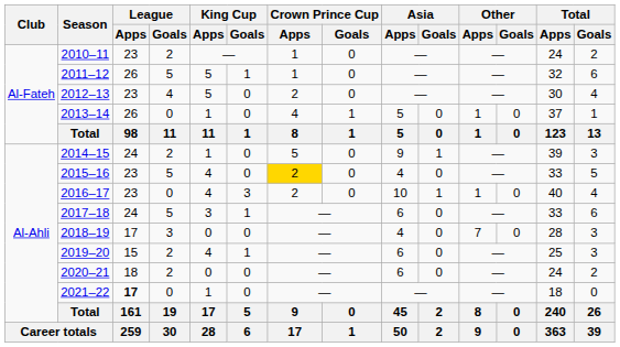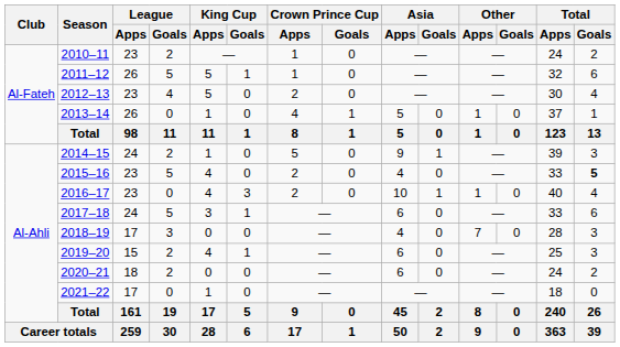 <table class="wikitable" style="text-align: center">
 <tr>
 <th rowspan=2>Club</th>
 <th rowspan=2>Season</th>
 <th colspan=2>League</th>
 <th colspan=2>King Cup</th>
 <th colspan=2>Crown Prince Cup</th>
 <th colspan=2>Asia</th>
 <th colspan=2>Other</th>
 <th colspan=2>Total</th>
 </tr>
 <tr>
 <th>Apps</th>
 <th>Goals</th>
 <th>Apps</th>
 <th>Goals</th>
 <th>Apps</th>
 <th>Goals</th>
 <th>Apps</th>
 <th>Goals</th>
 <th>Apps</th>
 <th>Goals</th>
 <th>Apps</th>
 <th>Goals</th>
 </tr>
 <tr>
 <td rowspan=5><a href='#'>Al-Fateh</a></td>
 <td><a href='#'>2010–11</a></td>
 <td>23</td>
 <td>2</td>
 <td colspan=2>—</td>
 <td>1</td>
 <td>0</td>
 <td colspan=2>—</td>
 <td colspan=2>—</td>
 <td>24</td>
 <td>2</td>
 </tr>
 <tr>
 <td><a href='#'>2011–12</a></td>
 <td>26</td>
 <td>5</td>
 <td>5</td>
 <td>1</td>
 <td>1</td>
 <td>0</td>
 <td colspan=2>—</td>
 <td colspan=2>—</td>
 <td>32</td>
 <td>6</td>
 </tr>
 <tr>
 <td><a href='#'>2012–13</a></td>
 <td>23</td>
 <td>4</td>
 <td>5</td>
 <td>0</td>
 <td>2</td>
 <td>0</td>
 <td colspan=2>—</td>
 <td colspan=2>—</td>
 <td>30</td>
 <td>4</td>
 </tr>
 <tr>
 <td><a href='#'>2013–14</a></td>
 <td>26</td>
 <td>0</td>
 <td>1</td>
 <td>0</td>
 <td>4</td>
 <td>1</td>
 <td>5</td>
 <td>0</td>
 <td>1</td>
 <td>0</td>
 <td>37</td>
 <td>1</td>
 </tr>
 <tr>
 <th>Total</th>
 <th>98</th>
 <th>11</th>
 <th>11</th>
 <th>1</th>
 <th>8</th>
 <th>1</th>
 <th>5</th>
 <th>0</th>
 <th>1</th>
 <th>0</th>
 <th>123</th>
 <th>13</th>
 </tr>
 <tr>
 <td rowspan=9><a href='#'>Al-Ahli</a></td>
 <td><a href='#'>2014–15</a></td>
 <td>24</td>
 <td>2</td>
 <td>1</td>
 <td>0</td>
 <td>5</td>
 <td>0</td>
 <td>9</td>
 <td>1</td>
 <td colspan=2>—</td>
 <td>39</td>
 <td>3</td>
 </tr>
 <tr>
 <td><a href='#'>2015–16</a></td>
 <td>23</td>
 <td>5</td>
 <td>4</td>
 <td>0</td>
-<td style="background: gold;">2</td>
+<td>2</td>
 <td>0</td>
 <td>4</td>
 <td>0</td>
 <td colspan=2>—</td>
 <td>33</td>
-<td>5</td>
+<td><strong>5</strong></td>
 </tr>
 <tr>
 <td><a href='#'>2016–17</a></td>
 <td>23</td>
 <td>0</td>
 <td>4</td>
 <td>3</td>
 <td>2</td>
 <td>0</td>
 <td>10</td>
 <td>1</td>
 <td>1</td>
 <td>0</td>
 <td>40</td>
 <td>4</td>
 </tr>
 <tr>
 <td><a href='#'>2017–18</a></td>
 <td>24</td>
 <td>5</td>
 <td>3</td>
 <td>1</td>
 <td colspan=2>—</td>
 <td>6</td>
 <td>0</td>
 <td colspan=2>—</td>
 <td>33</td>
 <td>6</td>
 </tr>
 <tr>
 <td><a href='#'>2018–19</a></td>
 <td>17</td>
 <td>3</td>
 <td>0</td>
 <td>0</td>
 <td colspan=2>—</td>
 <td>4</td>
 <td>0</td>
 <td>7</td>
 <td>0</td>
 <td>28</td>
 <td>3</td>
 </tr>
 <tr>
 <td><a href='#'>2019–20</a></td>
 <td>15</td>
 <td>2</td>
 <td>4</td>
 <td>1</td>
 <td colspan=2>—</td>
 <td>6</td>
 <td>0</td>
 <td colspan=2>—</td>
 <td>25</td>
 <td>3</td>
 </tr>
 <tr>
 <td><a href='#'>2020–21</a></td>
 <td>18</td>
 <td>2</td>
 <td>0</td>
 <td>0</td>
 <td colspan=2>—</td>
 <td>6</td>
 <td>0</td>
 <td colspan=2>—</td>
 <td>24</td>
 <td>2</td>
 </tr>
 <tr>
 <td><a href='#'>2021–22</a></td>
-<td><strong>17</strong></td>
+<td>17</td>
 <td>0</td>
 <td>1</td>
 <td>0</td>
 <td colspan=2>—</td>
 <td colspan=2>—</td>
 <td colspan=2>—</td>
 <td>18</td>
 <td>0</td>
 </tr>
 <tr>
 <th>Total</th>
 <th>161</th>
 <th>19</th>
 <th>17</th>
 <th>5</th>
 <th>9</th>
 <th>0</th>
 <th>45</th>
 <th>2</th>
 <th>8</th>
 <th>0</th>
 <th>240</th>
 <th>26</th>
 </tr>
 <tr>
 <th colspan=2>Career totals</th>
 <th>259</th>
 <th>30</th>
 <th>28</th>
 <th>6</th>
 <th>17</th>
 <th>1</th>
 <th>50</th>
 <th>2</th>
 <th>9</th>
 <th>0</th>
 <th>363</th>
 <th>39</th>
 </tr>
 </table>
